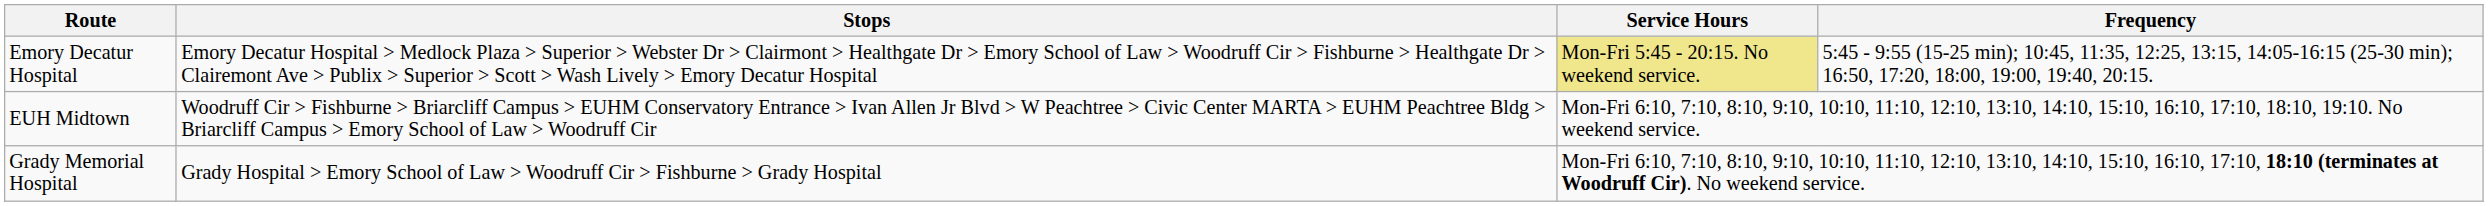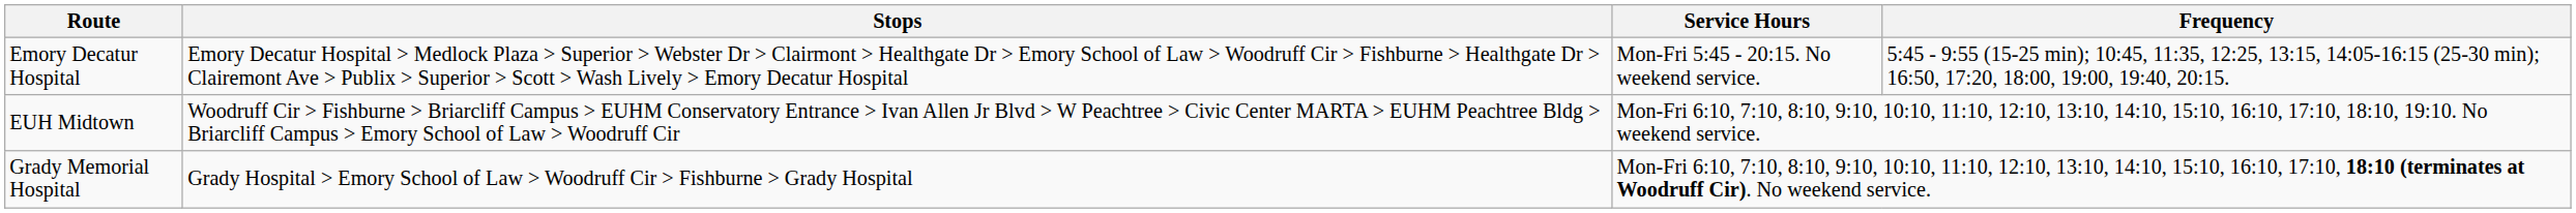 <table class="wikitable">
 <tr>
 <th>Route</th>
 <th>Stops</th>
 <th>Service Hours</th>
 <th>Frequency</th>
 </tr>
 <tr>
 <td>Emory Decatur Hospital</td>
 <td>Emory Decatur Hospital > Medlock Plaza > Superior > Webster Dr > Clairmont > Healthgate Dr > Emory School of Law > Woodruff Cir > Fishburne > Healthgate Dr > Clairemont Ave > Publix > Superior > Scott > Wash Lively > Emory Decatur Hospital</td>
-<td style="background: khaki;">Mon-Fri 5:45 - 20:15. No weekend service.</td>
+<td>Mon-Fri 5:45 - 20:15. No weekend service.</td>
 <td>5:45 - 9:55 (15-25 min); 10:45, 11:35, 12:25, 13:15, 14:05-16:15 (25-30 min); 16:50, 17:20, 18:00, 19:00, 19:40, 20:15.</td>
 </tr>
 <tr>
 <td>EUH Midtown</td>
 <td>Woodruff Cir > Fishburne > Briarcliff Campus > EUHM Conservatory Entrance > Ivan Allen Jr Blvd > W Peachtree > Civic Center MARTA > EUHM Peachtree Bldg > Briarcliff Campus > Emory School of Law > Woodruff Cir</td>
 <td colspan="2">Mon-Fri 6:10, 7:10, 8:10, 9:10, 10:10, 11:10, 12:10, 13:10, 14:10, 15:10, 16:10, 17:10, 18:10, 19:10. No weekend service.</td>
 </tr>
 <tr>
 <td>Grady Memorial Hospital</td>
 <td>Grady Hospital > Emory School of Law > Woodruff Cir > Fishburne > Grady Hospital</td>
 <td colspan="2">Mon-Fri 6:10, 7:10, 8:10, 9:10, 10:10, 11:10, 12:10, 13:10, 14:10, 15:10, 16:10, 17:10, <strong>18:10 (terminates at Woodruff Cir)</strong>. No weekend service.</td>
 </tr>
 </table>
